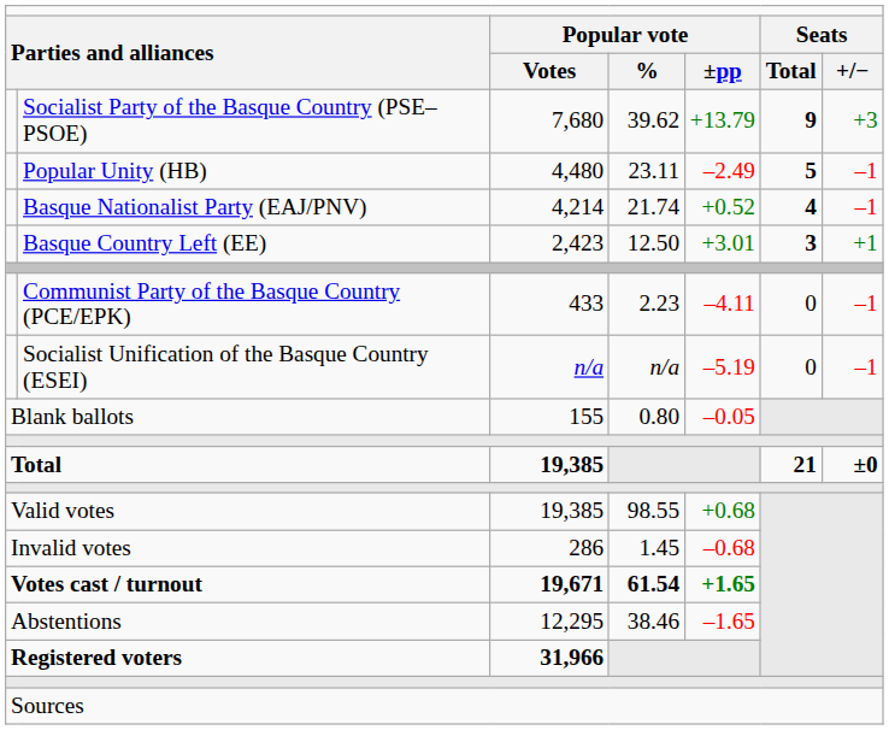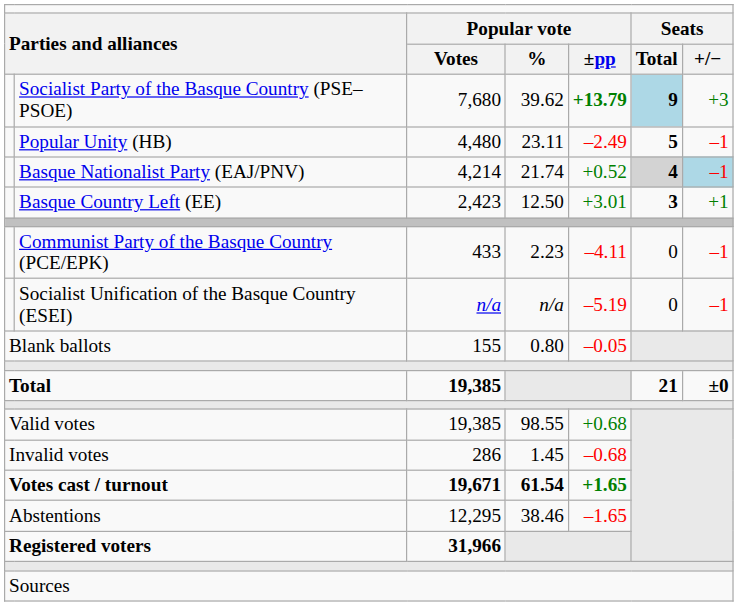 <table class="wikitable" style="text-align:right;">
 <tr>
 <td colspan="7"></td>
 </tr>
 <tr>
 <th style="text-align:left;" rowspan="2" colspan="2" width="525">Parties and alliances</th>
 <th colspan="3">Popular vote</th>
 <th colspan="2">Seats</th>
 </tr>
 <tr>
 <th width="75">Votes</th>
 <th width="45">%</th>
 <th width="45">±<a href='#'>pp</a></th>
 <th width="35">Total</th>
 <th width="35">+/−</th>
 </tr>
 <tr>
 <td width="1" style="color:inherit;background:"></td>
 <td align="left"><a href='#'>Socialist Party of the Basque Country</a> (PSE–PSOE)</td>
 <td>7,680</td>
 <td>39.62</td>
-<td style="color:green;">+13.79</td>
-<td><strong>9</strong></td>
+<td style="color:green;"><strong>+13.79</strong></td>
+<td style="background: lightblue;"><strong>9</strong></td>
 <td style="color:green;">+3</td>
 </tr>
 <tr>
 <td style="color:inherit;background:"></td>
 <td align="left"><a href='#'>Popular Unity</a> (HB)</td>
 <td>4,480</td>
 <td>23.11</td>
 <td style="color:red;">–2.49</td>
 <td><strong>5</strong></td>
 <td style="color:red;">–1</td>
 </tr>
 <tr>
 <td style="color:inherit;background:"></td>
 <td align="left"><a href='#'>Basque Nationalist Party</a> (EAJ/PNV)</td>
 <td>4,214</td>
 <td>21.74</td>
 <td style="color:green;">+0.52</td>
-<td><strong>4</strong></td>
-<td style="color:red;">–1</td>
+<td style="background: lightgrey;"><strong>4</strong></td>
+<td style="background: lightblue; color:red;">–1</td>
 </tr>
 <tr>
 <td style="color:inherit;background:"></td>
 <td align="left"><a href='#'>Basque Country Left</a> (EE)</td>
 <td>2,423</td>
 <td>12.50</td>
 <td style="color:green;">+3.01</td>
 <td><strong>3</strong></td>
 <td style="color:green;">+1</td>
 </tr>
 <tr>
 <td colspan="7" bgcolor="#C0C0C0"></td>
 </tr>
 <tr>
 <td style="color:inherit;background:"></td>
 <td align="left"><a href='#'>Communist Party of the Basque Country</a> (PCE/EPK)</td>
 <td>433</td>
 <td>2.23</td>
 <td style="color:red;">–4.11</td>
 <td>0</td>
 <td style="color:red;">–1</td>
 </tr>
 <tr>
 <td style="color:inherit;background:"></td>
 <td align="left">Socialist Unification of the Basque Country (ESEI)</td>
 <td><em><a href='#'>n/a</a></em></td>
 <td><em>n/a</em></td>
 <td style="color:red;">–5.19</td>
 <td>0</td>
 <td style="color:red;">–1</td>
 </tr>
 <tr>
 <td align="left" colspan="2">Blank ballots</td>
 <td>155</td>
 <td>0.80</td>
 <td style="color:red;">–0.05</td>
 <td bgcolor="#E9E9E9" colspan="2"></td>
 </tr>
 <tr>
 <td colspan="7" bgcolor="#E9E9E9"></td>
 </tr>
 <tr style="font-weight:bold;">
 <td align="left" colspan="2">Total</td>
 <td>19,385</td>
 <td bgcolor="#E9E9E9" colspan="2"></td>
 <td>21</td>
 <td>±0</td>
 </tr>
 <tr>
 <td colspan="7" bgcolor="#E9E9E9"></td>
 </tr>
 <tr>
 <td align="left" colspan="2">Valid votes</td>
 <td>19,385</td>
 <td>98.55</td>
 <td style="color:green;">+0.68</td>
 <td bgcolor="#E9E9E9" colspan="2" rowspan="5"></td>
 </tr>
 <tr>
 <td align="left" colspan="2">Invalid votes</td>
 <td>286</td>
 <td>1.45</td>
 <td style="color:red;">–0.68</td>
 </tr>
 <tr style="font-weight:bold;">
 <td align="left" colspan="2">Votes cast / turnout</td>
 <td>19,671</td>
 <td>61.54</td>
 <td style="color:green;">+1.65</td>
 </tr>
 <tr>
 <td align="left" colspan="2">Abstentions</td>
 <td>12,295</td>
 <td>38.46</td>
 <td style="color:red;">–1.65</td>
 </tr>
 <tr style="font-weight:bold;">
 <td align="left" colspan="2">Registered voters</td>
 <td>31,966</td>
 <td bgcolor="#E9E9E9" colspan="2"></td>
 </tr>
 <tr>
 <td colspan="7" bgcolor="#E9E9E9"></td>
 </tr>
 <tr>
 <td align="left" colspan="7">Sources</td>
 </tr>
 </table>
